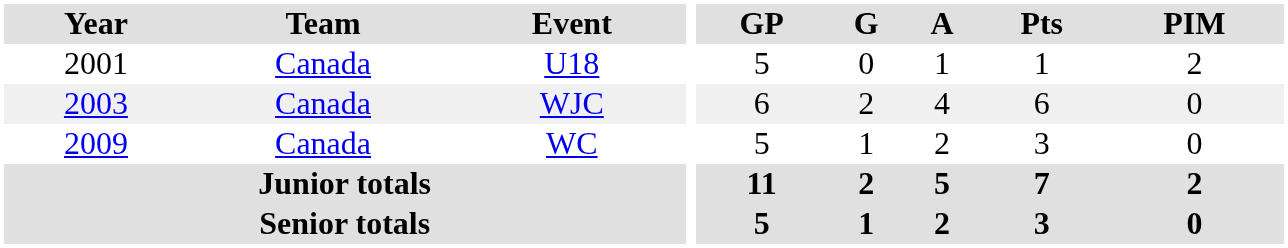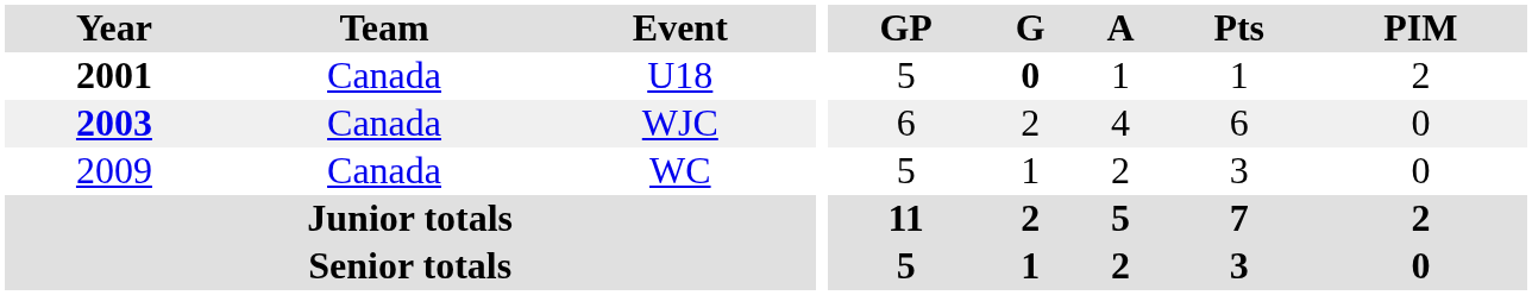 <table border="0" cellpadding="1" cellspacing="0" ID="Table3" style="text-align:center; width:40em">
 <tr ALIGN="center" bgcolor="#e0e0e0">
 <th>Year</th>
 <th>Team</th>
 <th>Event</th>
 <th rowspan="99" bgcolor="#ffffff"></th>
 <th>GP</th>
 <th>G</th>
 <th>A</th>
 <th>Pts</th>
 <th>PIM</th>
 </tr>
 <tr>
-<td>2001</td>
+<td><strong>2001</strong></td>
 <td><a href='#'>Canada</a></td>
 <td><a href='#'>U18</a></td>
 <td>5</td>
-<td>0</td>
+<td><strong>0</strong></td>
 <td>1</td>
 <td>1</td>
 <td>2</td>
 </tr>
 <tr bgcolor="#f0f0f0">
-<td><a href='#'>2003</a></td>
+<td><strong><a href='#'>2003</a></strong></td>
 <td><a href='#'>Canada</a></td>
 <td><a href='#'>WJC</a></td>
 <td>6</td>
 <td>2</td>
 <td>4</td>
 <td>6</td>
 <td>0</td>
 </tr>
 <tr>
 <td><a href='#'>2009</a></td>
 <td><a href='#'>Canada</a></td>
 <td><a href='#'>WC</a></td>
 <td>5</td>
 <td>1</td>
 <td>2</td>
 <td>3</td>
 <td>0</td>
 </tr>
 <tr bgcolor="#e0e0e0">
 <th colspan="3">Junior totals</th>
 <th>11</th>
 <th>2</th>
 <th>5</th>
 <th>7</th>
 <th>2</th>
 </tr>
 <tr bgcolor="#e0e0e0">
 <th colspan="3">Senior totals</th>
 <th>5</th>
 <th>1</th>
 <th>2</th>
 <th>3</th>
 <th>0</th>
 </tr>
 </table>
